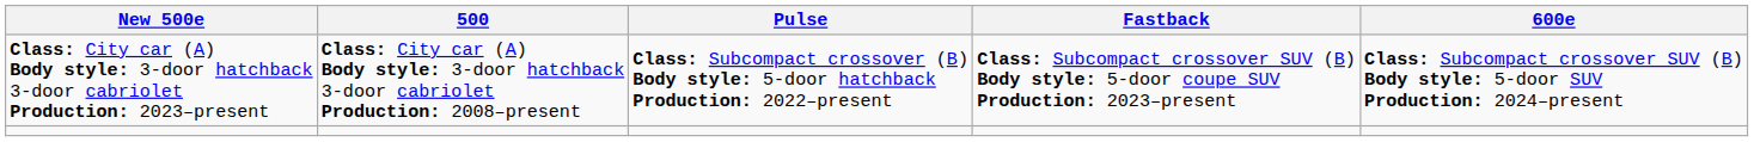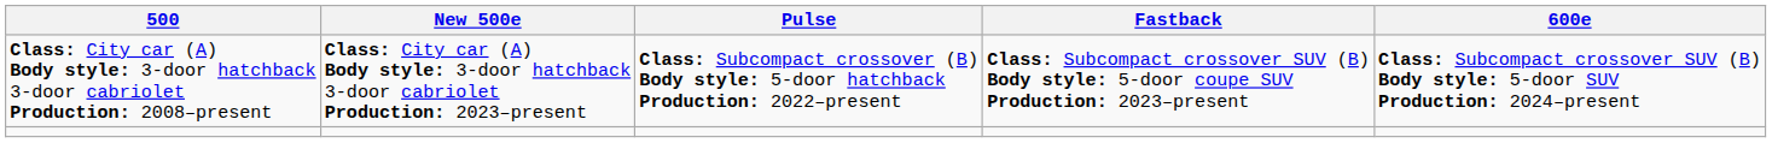 <table class="wikitable">
 <tr>
+<th><a href='#'>500</a></th>
 <th><a href='#'>New 500e</a></th>
-<th><a href='#'>500</a></th>
 <th><a href='#'>Pulse</a></th>
 <th><a href='#'>Fastback</a></th>
 <th><a href='#'>600e</a></th>
 </tr>
 <tr>
+<td><strong>Class:</strong> <a href='#'>City car</a> (<a href='#'>A</a>)<br><strong>Body style:</strong> 3-door <a href='#'>hatchback</a><br>3-door <a href='#'>cabriolet</a><br><strong>Production:</strong> 2008–present</td>
 <td><strong>Class:</strong> <a href='#'>City car</a> (<a href='#'>A</a>)<br><strong>Body style:</strong> 3-door <a href='#'>hatchback</a><br>3-door <a href='#'>cabriolet</a><br><strong>Production:</strong> 2023–present</td>
-<td><strong>Class:</strong> <a href='#'>City car</a> (<a href='#'>A</a>)<br><strong>Body style:</strong> 3-door <a href='#'>hatchback</a><br>3-door <a href='#'>cabriolet</a><br><strong>Production:</strong> 2008–present</td>
 <td><strong>Class:</strong> <a href='#'>Subcompact crossover</a> (<a href='#'>B</a>)<br><strong>Body style:</strong> 5-door <a href='#'>hatchback</a><br><strong>Production:</strong> 2022–present</td>
 <td><strong>Class:</strong> <a href='#'>Subcompact crossover SUV</a> (<a href='#'>B</a>)<br><strong>Body style:</strong> 5-door <a href='#'>coupe SUV</a><br><strong>Production:</strong> 2023–present</td>
 <td><strong>Class:</strong> <a href='#'>Subcompact crossover SUV</a> (<a href='#'>B</a>)<br><strong>Body style:</strong> 5-door <a href='#'>SUV</a><br><strong>Production:</strong> 2024–present</td>
 </tr>
 <tr>
 <td></td>
 <td></td>
 <td></td>
 <td></td>
 <td></td>
 </tr>
 </table>
